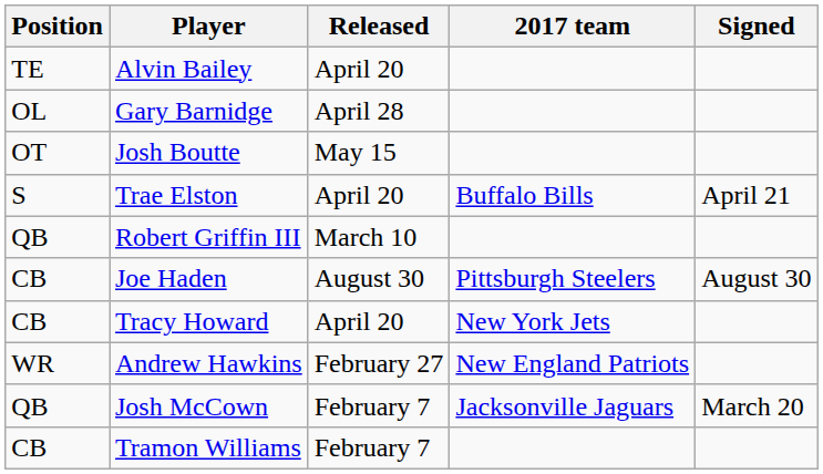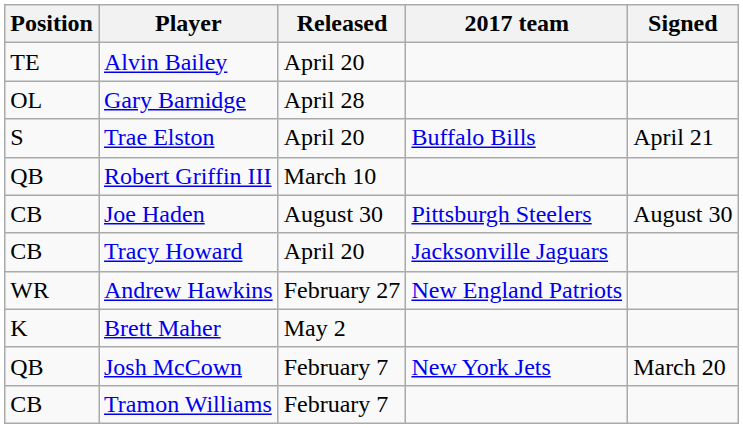 <table class="wikitable">
 <tr>
 <th>Position</th>
 <th>Player</th>
 <th>Released</th>
 <th>2017 team</th>
 <th>Signed</th>
 </tr>
 <tr>
 <td>TE</td>
 <td><a href='#'>Alvin Bailey</a></td>
 <td>April 20</td>
 <td></td>
 <td></td>
 </tr>
 <tr>
 <td>OL</td>
 <td><a href='#'>Gary Barnidge</a></td>
 <td>April 28</td>
-<td></td>
-<td></td>
-</tr>
-<tr>
-<td>OT</td>
-<td><a href='#'>Josh Boutte</a></td>
-<td>May 15</td>
 <td></td>
 <td></td>
 </tr>
 <tr>
 <td>S</td>
 <td><a href='#'>Trae Elston</a></td>
 <td>April 20</td>
 <td><a href='#'>Buffalo Bills</a></td>
 <td>April 21</td>
 </tr>
 <tr>
 <td>QB</td>
 <td><a href='#'>Robert Griffin III</a></td>
 <td>March 10</td>
 <td></td>
 <td></td>
 </tr>
 <tr>
 <td>CB</td>
 <td><a href='#'>Joe Haden</a></td>
 <td>August 30</td>
 <td><a href='#'>Pittsburgh Steelers</a></td>
 <td>August 30</td>
 </tr>
 <tr>
 <td>CB</td>
 <td><a href='#'>Tracy Howard</a></td>
 <td>April 20</td>
-<td><a href='#'>New York Jets</a></td>
+<td><a href='#'>Jacksonville Jaguars</a></td>
 <td></td>
 </tr>
 <tr>
 <td>WR</td>
 <td><a href='#'>Andrew Hawkins</a></td>
 <td>February 27</td>
 <td><a href='#'>New England Patriots</a></td>
 <td></td>
 </tr>
 <tr>
+<td>K</td>
+<td><a href='#'>Brett Maher</a></td>
+<td>May 2</td>
+<td></td>
+<td></td>
+</tr>
+<tr>
 <td>QB</td>
 <td><a href='#'>Josh McCown</a></td>
 <td>February 7</td>
-<td><a href='#'>Jacksonville Jaguars</a></td>
+<td><a href='#'>New York Jets</a></td>
 <td>March 20</td>
 </tr>
 <tr>
 <td>CB</td>
 <td><a href='#'>Tramon Williams</a></td>
 <td>February 7</td>
 <td></td>
 <td></td>
 </tr>
 </table>
